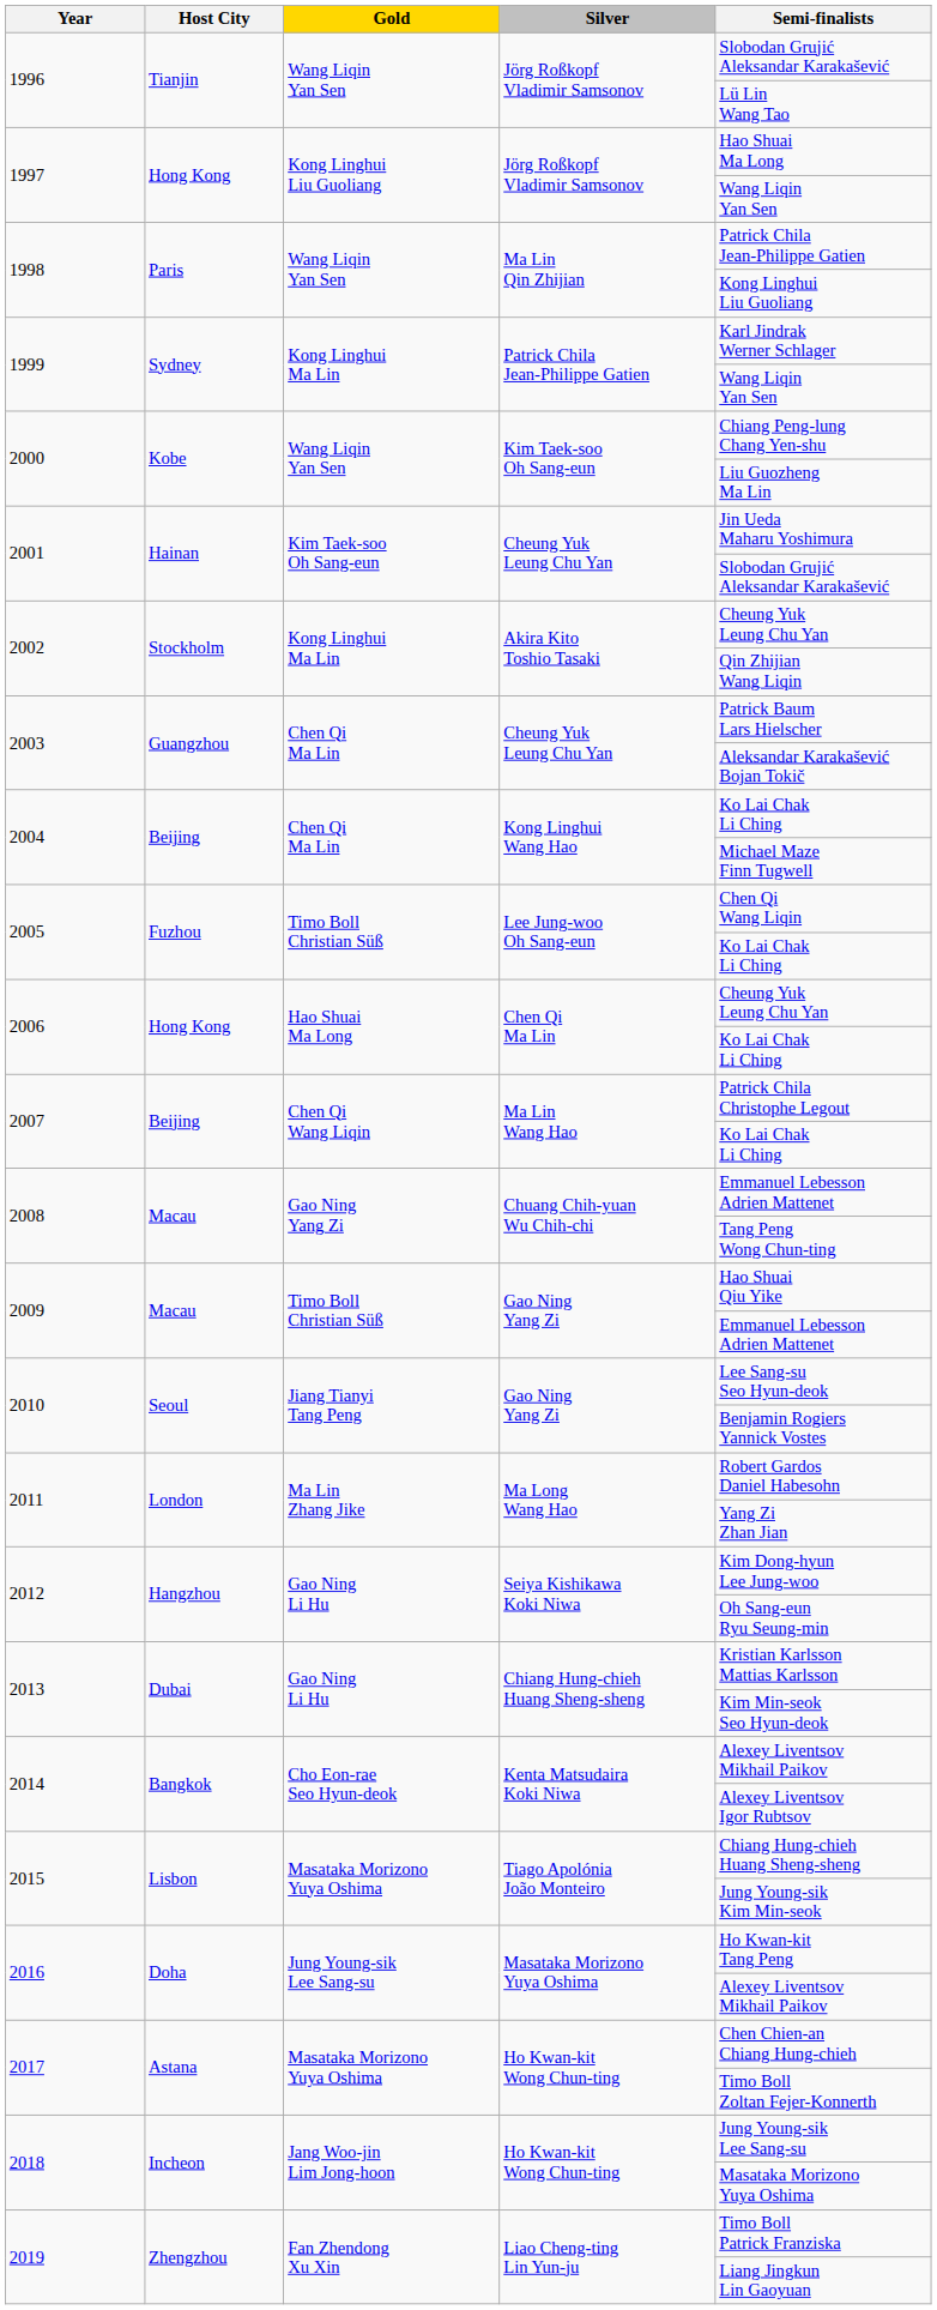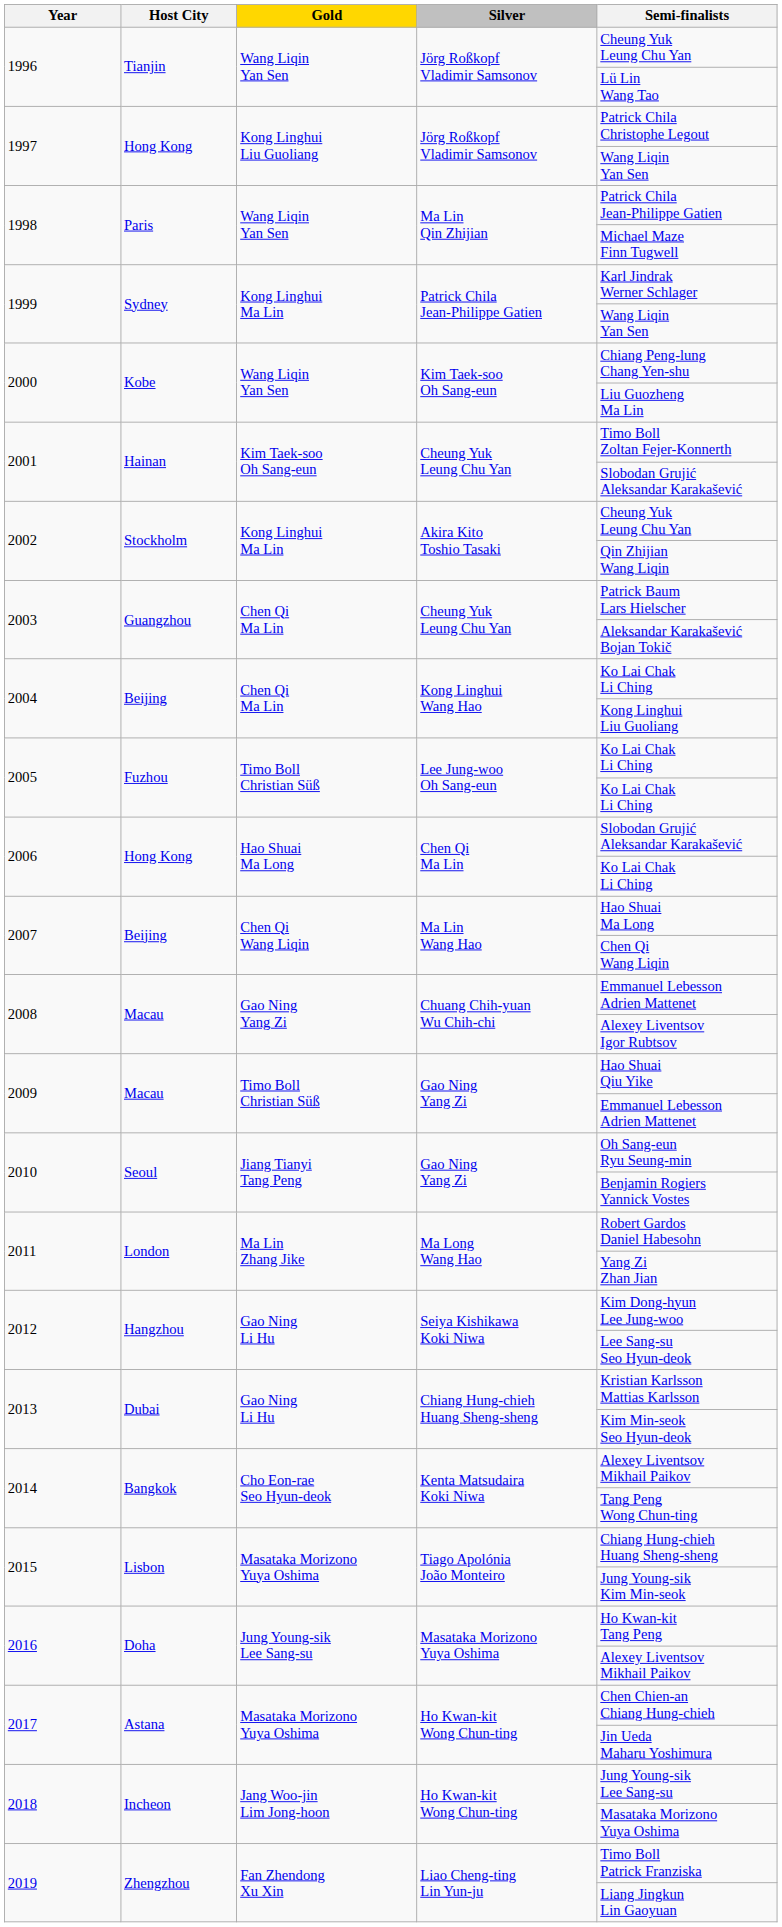 <table class="wikitable" style="text-align: left; width: 850px;">
 <tr>
 <th width="120">Year</th>
 <th width="120">Host City</th>
 <th width="190" style="background-color: gold">Gold</th>
 <th width="190" style="background-color: silver">Silver</th>
 <th width="190">Semi-finalists</th>
 </tr>
 <tr>
 <td rowspan=2>1996</td>
 <td rowspan=2><a href='#'>Tianjin</a></td>
 <td rowspan=2> <a href='#'>Wang Liqin</a><br> <a href='#'>Yan Sen</a></td>
 <td rowspan=2> <a href='#'>Jörg Roßkopf</a><br> <a href='#'>Vladimir Samsonov</a></td>
-<td> <a href='#'>Slobodan Grujić</a><br> <a href='#'>Aleksandar Karakašević</a></td>
+<td> <a href='#'>Cheung Yuk</a><br> <a href='#'>Leung Chu Yan</a></td>
 </tr>
 <tr>
 <td> <a href='#'>Lü Lin</a><br> <a href='#'>Wang Tao</a></td>
 </tr>
 <tr>
 <td rowspan=2>1997</td>
 <td rowspan=2><a href='#'>Hong Kong</a></td>
 <td rowspan=2> <a href='#'>Kong Linghui</a><br> <a href='#'>Liu Guoliang</a></td>
 <td rowspan=2> <a href='#'>Jörg Roßkopf</a><br> <a href='#'>Vladimir Samsonov</a></td>
-<td> <a href='#'>Hao Shuai</a><br> <a href='#'>Ma Long</a></td>
+<td> <a href='#'>Patrick Chila</a><br> <a href='#'>Christophe Legout</a></td>
 </tr>
 <tr>
 <td> <a href='#'>Wang Liqin</a><br> <a href='#'>Yan Sen</a></td>
 </tr>
 <tr>
 <td rowspan=2>1998</td>
 <td rowspan=2><a href='#'>Paris</a></td>
 <td rowspan=2> <a href='#'>Wang Liqin</a><br> <a href='#'>Yan Sen</a></td>
 <td rowspan=2> <a href='#'>Ma Lin</a><br> <a href='#'>Qin Zhijian</a></td>
 <td> <a href='#'>Patrick Chila</a><br> <a href='#'>Jean-Philippe Gatien</a></td>
 </tr>
 <tr>
-<td> <a href='#'>Kong Linghui</a><br> <a href='#'>Liu Guoliang</a></td>
+<td> <a href='#'>Michael Maze</a><br> <a href='#'>Finn Tugwell</a></td>
 </tr>
 <tr>
 <td rowspan=2>1999</td>
 <td rowspan=2><a href='#'>Sydney</a></td>
 <td rowspan=2> <a href='#'>Kong Linghui</a><br> <a href='#'>Ma Lin</a></td>
 <td rowspan=2> <a href='#'>Patrick Chila</a><br> <a href='#'>Jean-Philippe Gatien</a></td>
 <td> <a href='#'>Karl Jindrak</a><br> <a href='#'>Werner Schlager</a></td>
 </tr>
 <tr>
 <td> <a href='#'>Wang Liqin</a><br> <a href='#'>Yan Sen</a></td>
 </tr>
 <tr>
 <td rowspan=2>2000</td>
 <td rowspan=2><a href='#'>Kobe</a></td>
 <td rowspan=2> <a href='#'>Wang Liqin</a><br> <a href='#'>Yan Sen</a></td>
 <td rowspan=2> <a href='#'>Kim Taek-soo</a><br> <a href='#'>Oh Sang-eun</a></td>
 <td> <a href='#'>Chiang Peng-lung</a><br> <a href='#'>Chang Yen-shu</a></td>
 </tr>
 <tr>
 <td> <a href='#'>Liu Guozheng</a><br> <a href='#'>Ma Lin</a></td>
 </tr>
 <tr>
 <td rowspan=2>2001</td>
 <td rowspan=2><a href='#'>Hainan</a></td>
 <td rowspan=2> <a href='#'>Kim Taek-soo</a><br> <a href='#'>Oh Sang-eun</a></td>
 <td rowspan=2> <a href='#'>Cheung Yuk</a><br> <a href='#'>Leung Chu Yan</a></td>
-<td> <a href='#'>Jin Ueda</a><br> <a href='#'>Maharu Yoshimura</a></td>
+<td> <a href='#'>Timo Boll</a><br> <a href='#'>Zoltan Fejer-Konnerth</a></td>
 </tr>
 <tr>
 <td> <a href='#'>Slobodan Grujić</a><br> <a href='#'>Aleksandar Karakašević</a></td>
 </tr>
 <tr>
 <td rowspan=2>2002</td>
 <td rowspan=2><a href='#'>Stockholm</a></td>
 <td rowspan=2> <a href='#'>Kong Linghui</a><br> <a href='#'>Ma Lin</a></td>
 <td rowspan=2> <a href='#'>Akira Kito</a><br> <a href='#'>Toshio Tasaki</a></td>
 <td> <a href='#'>Cheung Yuk</a><br> <a href='#'>Leung Chu Yan</a></td>
 </tr>
 <tr>
 <td> <a href='#'>Qin Zhijian</a><br> <a href='#'>Wang Liqin</a></td>
 </tr>
 <tr>
 <td rowspan=2>2003</td>
 <td rowspan=2><a href='#'>Guangzhou</a></td>
 <td rowspan=2> <a href='#'>Chen Qi</a><br> <a href='#'>Ma Lin</a></td>
 <td rowspan=2> <a href='#'>Cheung Yuk</a><br> <a href='#'>Leung Chu Yan</a></td>
 <td> <a href='#'>Patrick Baum</a><br> <a href='#'>Lars Hielscher</a></td>
 </tr>
 <tr>
 <td> <a href='#'>Aleksandar Karakašević</a><br> <a href='#'>Bojan Tokič</a></td>
 </tr>
 <tr>
 <td rowspan=2>2004</td>
 <td rowspan=2><a href='#'>Beijing</a></td>
 <td rowspan=2> <a href='#'>Chen Qi</a><br> <a href='#'>Ma Lin</a></td>
 <td rowspan=2> <a href='#'>Kong Linghui</a><br> <a href='#'>Wang Hao</a></td>
 <td> <a href='#'>Ko Lai Chak</a><br> <a href='#'>Li Ching</a></td>
 </tr>
 <tr>
-<td> <a href='#'>Michael Maze</a><br> <a href='#'>Finn Tugwell</a></td>
+<td> <a href='#'>Kong Linghui</a><br> <a href='#'>Liu Guoliang</a></td>
 </tr>
 <tr>
 <td rowspan=2>2005</td>
 <td rowspan=2><a href='#'>Fuzhou</a></td>
 <td rowspan=2> <a href='#'>Timo Boll</a><br> <a href='#'>Christian Süß</a></td>
 <td rowspan=2> <a href='#'>Lee Jung-woo</a><br> <a href='#'>Oh Sang-eun</a></td>
-<td> <a href='#'>Chen Qi</a><br> <a href='#'>Wang Liqin</a></td>
+<td> <a href='#'>Ko Lai Chak</a><br> <a href='#'>Li Ching</a></td>
 </tr>
 <tr>
 <td> <a href='#'>Ko Lai Chak</a><br> <a href='#'>Li Ching</a></td>
 </tr>
 <tr>
 <td rowspan=2>2006</td>
 <td rowspan=2><a href='#'>Hong Kong</a></td>
 <td rowspan=2> <a href='#'>Hao Shuai</a><br> <a href='#'>Ma Long</a></td>
 <td rowspan=2> <a href='#'>Chen Qi</a><br> <a href='#'>Ma Lin</a></td>
-<td> <a href='#'>Cheung Yuk</a><br> <a href='#'>Leung Chu Yan</a></td>
+<td> <a href='#'>Slobodan Grujić</a><br> <a href='#'>Aleksandar Karakašević</a></td>
 </tr>
 <tr>
 <td> <a href='#'>Ko Lai Chak</a><br> <a href='#'>Li Ching</a></td>
 </tr>
 <tr>
 <td rowspan=2>2007</td>
 <td rowspan=2><a href='#'>Beijing</a></td>
 <td rowspan=2> <a href='#'>Chen Qi</a><br> <a href='#'>Wang Liqin</a></td>
 <td rowspan=2> <a href='#'>Ma Lin</a><br> <a href='#'>Wang Hao</a></td>
-<td> <a href='#'>Patrick Chila</a><br> <a href='#'>Christophe Legout</a></td>
+<td> <a href='#'>Hao Shuai</a><br> <a href='#'>Ma Long</a></td>
 </tr>
 <tr>
-<td> <a href='#'>Ko Lai Chak</a><br> <a href='#'>Li Ching</a></td>
+<td> <a href='#'>Chen Qi</a><br> <a href='#'>Wang Liqin</a></td>
 </tr>
 <tr>
 <td rowspan=2>2008</td>
 <td rowspan=2><a href='#'>Macau</a></td>
 <td rowspan=2> <a href='#'>Gao Ning</a><br> <a href='#'>Yang Zi</a></td>
 <td rowspan=2> <a href='#'>Chuang Chih-yuan</a><br> <a href='#'>Wu Chih-chi</a></td>
 <td> <a href='#'>Emmanuel Lebesson</a><br> <a href='#'>Adrien Mattenet</a></td>
 </tr>
 <tr>
-<td> <a href='#'>Tang Peng</a><br> <a href='#'>Wong Chun-ting</a></td>
+<td> <a href='#'>Alexey Liventsov</a><br> <a href='#'>Igor Rubtsov</a></td>
 </tr>
 <tr>
 <td rowspan=2>2009</td>
 <td rowspan=2><a href='#'>Macau</a></td>
 <td rowspan=2> <a href='#'>Timo Boll</a><br> <a href='#'>Christian Süß</a></td>
 <td rowspan=2> <a href='#'>Gao Ning</a><br> <a href='#'>Yang Zi</a></td>
 <td> <a href='#'>Hao Shuai</a><br> <a href='#'>Qiu Yike</a></td>
 </tr>
 <tr>
 <td> <a href='#'>Emmanuel Lebesson</a><br> <a href='#'>Adrien Mattenet</a></td>
 </tr>
 <tr>
 <td rowspan=2>2010</td>
 <td rowspan=2><a href='#'>Seoul</a></td>
 <td rowspan=2> <a href='#'>Jiang Tianyi</a><br> <a href='#'>Tang Peng</a></td>
 <td rowspan=2> <a href='#'>Gao Ning</a><br> <a href='#'>Yang Zi</a></td>
-<td> <a href='#'>Lee Sang-su</a><br> <a href='#'>Seo Hyun-deok</a></td>
+<td> <a href='#'>Oh Sang-eun</a><br> <a href='#'>Ryu Seung-min</a></td>
 </tr>
 <tr>
 <td> <a href='#'>Benjamin Rogiers</a><br> <a href='#'>Yannick Vostes</a></td>
 </tr>
 <tr>
 <td rowspan=2>2011</td>
 <td rowspan=2><a href='#'>London</a></td>
 <td rowspan=2> <a href='#'>Ma Lin</a><br> <a href='#'>Zhang Jike</a></td>
 <td rowspan=2> <a href='#'>Ma Long</a><br> <a href='#'>Wang Hao</a></td>
 <td> <a href='#'>Robert Gardos</a><br> <a href='#'>Daniel Habesohn</a></td>
 </tr>
 <tr>
 <td> <a href='#'>Yang Zi</a><br> <a href='#'>Zhan Jian</a></td>
 </tr>
 <tr>
 <td rowspan=2>2012</td>
 <td rowspan=2><a href='#'>Hangzhou</a></td>
 <td rowspan=2> <a href='#'>Gao Ning</a><br> <a href='#'>Li Hu</a></td>
 <td rowspan=2> <a href='#'>Seiya Kishikawa</a><br> <a href='#'>Koki Niwa</a></td>
 <td> <a href='#'>Kim Dong-hyun</a><br> <a href='#'>Lee Jung-woo</a></td>
 </tr>
 <tr>
-<td> <a href='#'>Oh Sang-eun</a><br> <a href='#'>Ryu Seung-min</a></td>
+<td> <a href='#'>Lee Sang-su</a><br> <a href='#'>Seo Hyun-deok</a></td>
 </tr>
 <tr>
 <td rowspan=2>2013</td>
 <td rowspan=2><a href='#'>Dubai</a></td>
 <td rowspan=2> <a href='#'>Gao Ning</a><br> <a href='#'>Li Hu</a></td>
 <td rowspan=2> <a href='#'>Chiang Hung-chieh</a><br> <a href='#'>Huang Sheng-sheng</a></td>
 <td> <a href='#'>Kristian Karlsson</a><br> <a href='#'>Mattias Karlsson</a></td>
 </tr>
 <tr>
 <td> <a href='#'>Kim Min-seok</a><br> <a href='#'>Seo Hyun-deok</a></td>
 </tr>
 <tr>
 <td rowspan=2>2014</td>
 <td rowspan=2><a href='#'>Bangkok</a></td>
 <td rowspan=2> <a href='#'>Cho Eon-rae</a><br> <a href='#'>Seo Hyun-deok</a></td>
 <td rowspan=2> <a href='#'>Kenta Matsudaira</a><br> <a href='#'>Koki Niwa</a></td>
 <td> <a href='#'>Alexey Liventsov</a><br> <a href='#'>Mikhail Paikov</a></td>
 </tr>
 <tr>
-<td> <a href='#'>Alexey Liventsov</a><br> <a href='#'>Igor Rubtsov</a></td>
+<td> <a href='#'>Tang Peng</a><br> <a href='#'>Wong Chun-ting</a></td>
 </tr>
 <tr>
 <td rowspan=2>2015</td>
 <td rowspan=2><a href='#'>Lisbon</a></td>
 <td rowspan=2> <a href='#'>Masataka Morizono</a><br> <a href='#'>Yuya Oshima</a></td>
 <td rowspan=2> <a href='#'>Tiago Apolónia</a><br> <a href='#'>João Monteiro</a></td>
 <td> <a href='#'>Chiang Hung-chieh</a><br> <a href='#'>Huang Sheng-sheng</a></td>
 </tr>
 <tr>
 <td> <a href='#'>Jung Young-sik</a><br> <a href='#'>Kim Min-seok</a></td>
 </tr>
 <tr>
 <td rowspan=2><a href='#'>2016</a></td>
 <td rowspan=2><a href='#'>Doha</a></td>
 <td rowspan=2> <a href='#'>Jung Young-sik</a><br> <a href='#'>Lee Sang-su</a></td>
 <td rowspan=2> <a href='#'>Masataka Morizono</a><br> <a href='#'>Yuya Oshima</a></td>
 <td> <a href='#'>Ho Kwan-kit</a><br> <a href='#'>Tang Peng</a></td>
 </tr>
 <tr>
 <td> <a href='#'>Alexey Liventsov</a><br> <a href='#'>Mikhail Paikov</a></td>
 </tr>
 <tr>
 <td rowspan=2><a href='#'>2017</a></td>
 <td rowspan=2><a href='#'>Astana</a></td>
 <td rowspan=2> <a href='#'>Masataka Morizono</a><br> <a href='#'>Yuya Oshima</a></td>
 <td rowspan=2> <a href='#'>Ho Kwan-kit</a><br> <a href='#'>Wong Chun-ting</a></td>
 <td> <a href='#'>Chen Chien-an</a><br> <a href='#'>Chiang Hung-chieh</a></td>
 </tr>
 <tr>
-<td> <a href='#'>Timo Boll</a><br> <a href='#'>Zoltan Fejer-Konnerth</a></td>
+<td> <a href='#'>Jin Ueda</a><br> <a href='#'>Maharu Yoshimura</a></td>
 </tr>
 <tr>
 <td rowspan=2><a href='#'>2018</a></td>
 <td rowspan=2><a href='#'>Incheon</a></td>
 <td rowspan=2> <a href='#'>Jang Woo-jin</a><br> <a href='#'>Lim Jong-hoon</a></td>
 <td rowspan=2> <a href='#'>Ho Kwan-kit</a><br> <a href='#'>Wong Chun-ting</a></td>
 <td> <a href='#'>Jung Young-sik</a><br> <a href='#'>Lee Sang-su</a></td>
 </tr>
 <tr>
 <td> <a href='#'>Masataka Morizono</a><br> <a href='#'>Yuya Oshima</a></td>
 </tr>
 <tr>
 <td rowspan=2><a href='#'>2019</a></td>
 <td rowspan=2><a href='#'>Zhengzhou</a></td>
 <td rowspan=2> <a href='#'>Fan Zhendong</a><br> <a href='#'>Xu Xin</a></td>
 <td rowspan=2> <a href='#'>Liao Cheng-ting</a><br> <a href='#'>Lin Yun-ju</a></td>
 <td> <a href='#'>Timo Boll</a><br> <a href='#'>Patrick Franziska</a></td>
 </tr>
 <tr>
 <td> <a href='#'>Liang Jingkun</a><br> <a href='#'>Lin Gaoyuan</a></td>
 </tr>
 </table>
